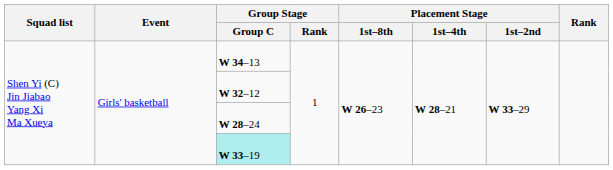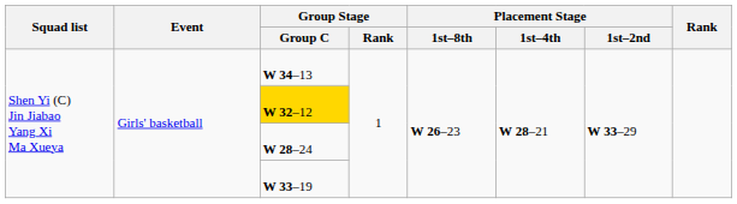 <table class="wikitable" width="90%" style="text-align:left; font-size:90%">
 <tr>
 <th rowspan="2">Squad list</th>
 <th rowspan="2">Event</th>
 <th colspan="2">Group Stage</th>
 <th colspan="3">Placement Stage</th>
 <th rowspan="2">Rank</th>
 </tr>
 <tr>
 <th>Group C</th>
 <th>Rank</th>
 <th>1st–8th</th>
 <th>1st–4th</th>
 <th>1st–2nd</th>
 </tr>
 <tr>
 <td rowspan="4"><a href='#'>Shen Yi</a> (C)<br><a href='#'>Jin Jiabao</a><br><a href='#'>Yang Xi</a><br><a href='#'>Ma Xueya</a></td>
 <td rowspan="4"><a href='#'>Girls' basketball</a></td>
 <td><br> <strong>W</strong> <strong>34</strong>–13</td>
 <td rowspan="4" align=center>1</td>
 <td rowspan="4"> <br> <strong>W</strong> <strong>26</strong>–23</td>
 <td rowspan="4"> <br> <strong>W</strong> <strong>28</strong>–21</td>
 <td rowspan="4"> <br> <strong>W</strong> <strong>33</strong>–29</td>
 <td rowspan="4" align="center"></td>
 </tr>
 <tr>
-<td><br> <strong>W</strong> <strong>32</strong>–12</td>
+<td style="background: gold;"><br> <strong>W</strong> <strong>32</strong>–12</td>
 </tr>
 <tr>
 <td><br> <strong>W</strong> <strong>28</strong>–24</td>
 </tr>
 <tr>
-<td style="background: paleturquoise;"><br> <strong>W</strong> <strong>33</strong>–19</td>
+<td><br> <strong>W</strong> <strong>33</strong>–19</td>
 </tr>
 </table>
